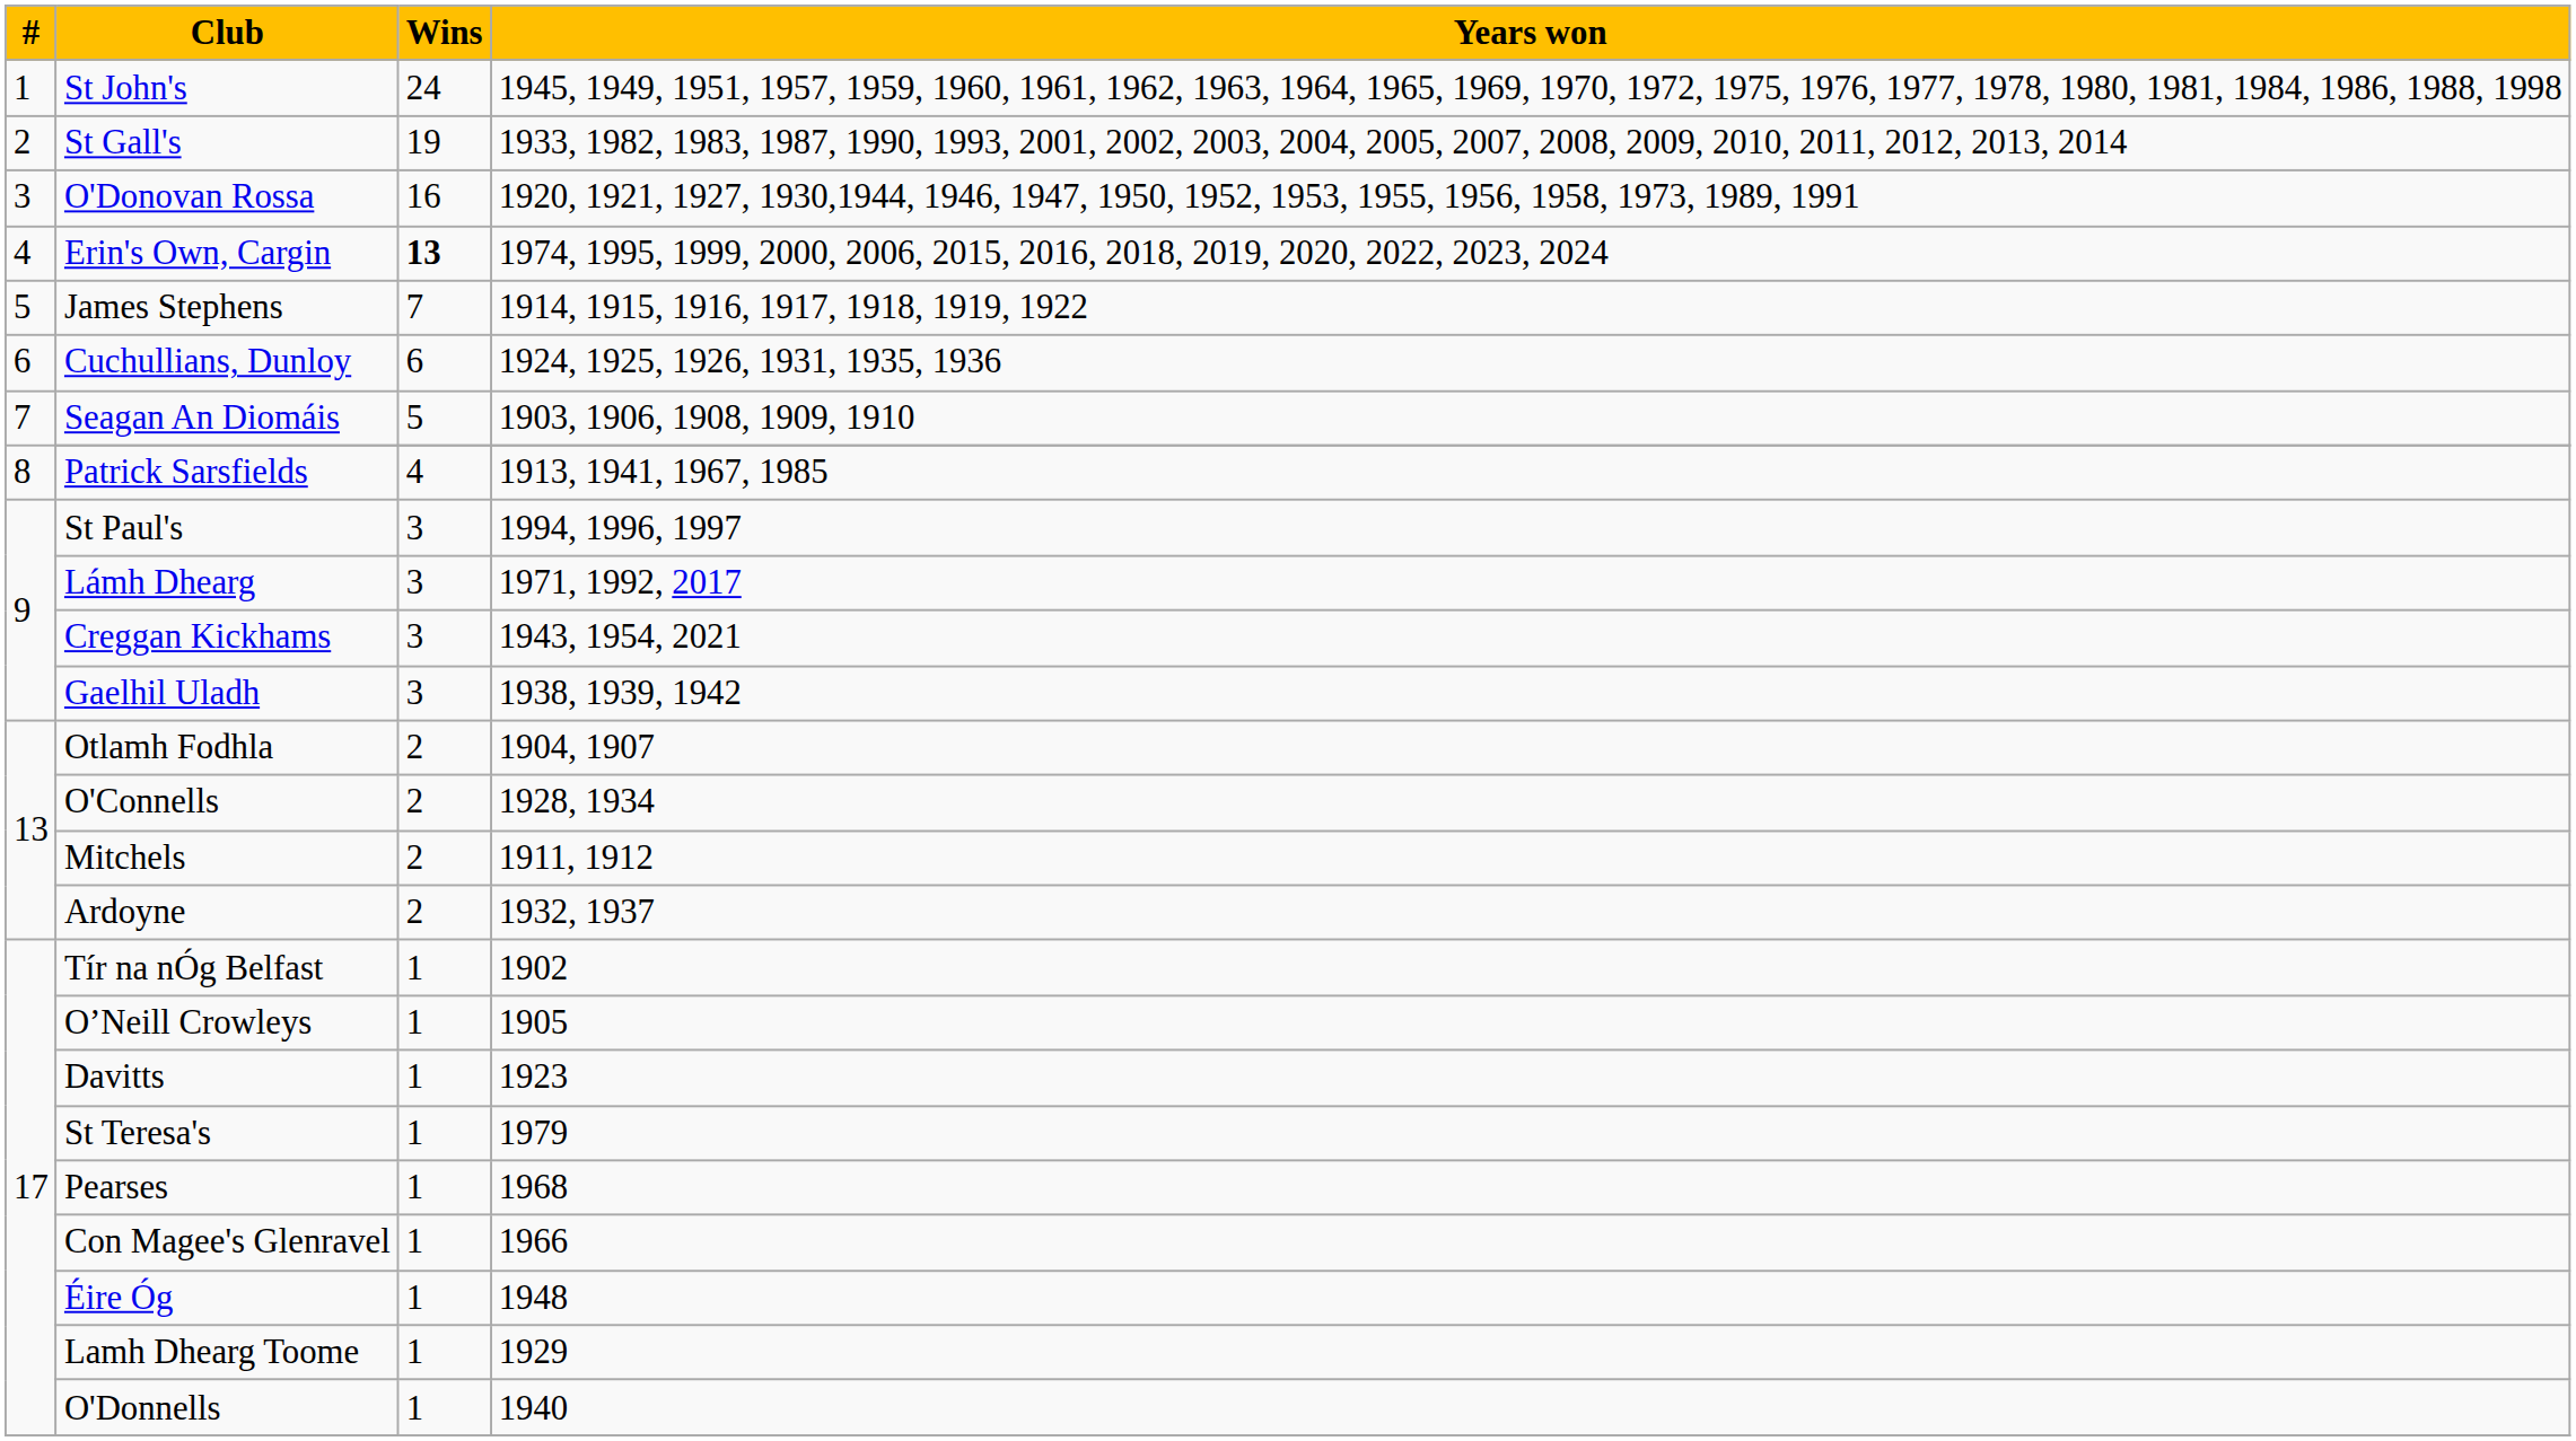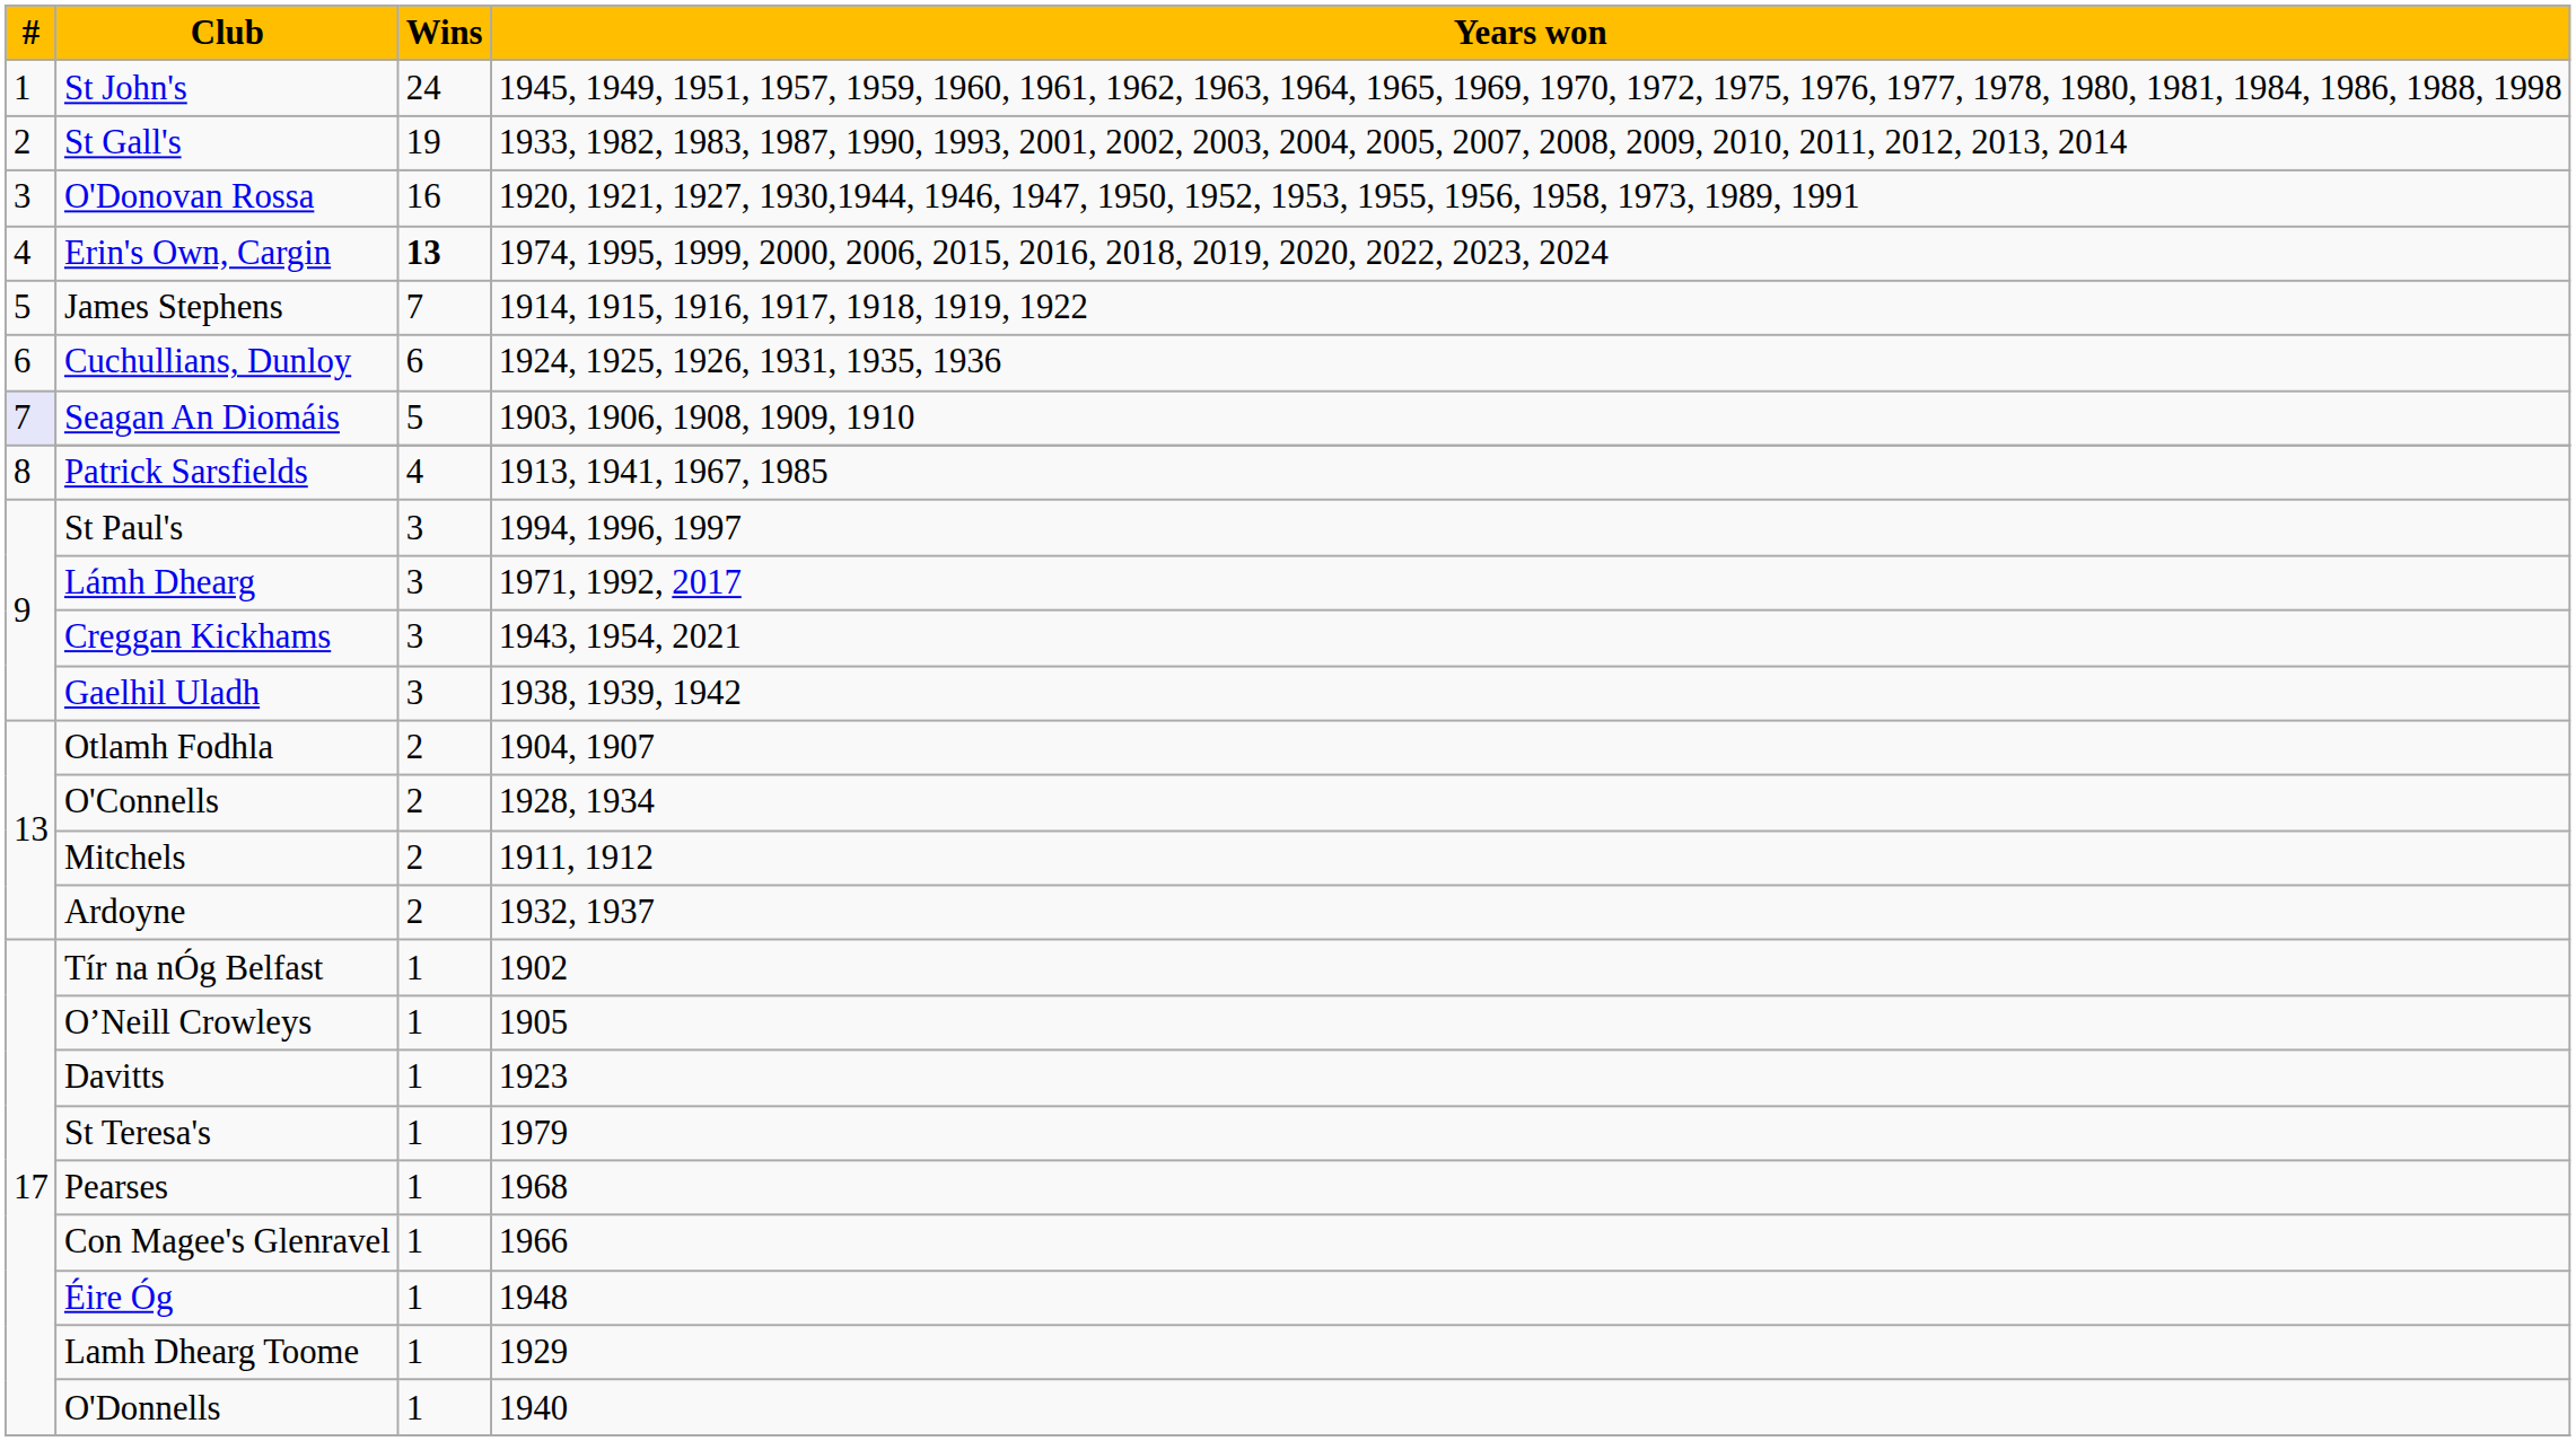 <table class="wikitable">
 <tr>
 <th style="background:#FFBF00;color:black;">#</th>
 <th style="background:#FFBF00;color:black;">Club</th>
 <th style="background:#FFBF00;color:black;">Wins</th>
 <th style="background:#FFBF00;color:black;">Years won</th>
 </tr>
 <tr>
 <td>1</td>
 <td> <a href='#'>St John's</a></td>
 <td>24</td>
 <td>1945, 1949, 1951, 1957, 1959,  1960, 1961, 1962, 1963, 1964, 1965, 1969, 1970, 1972, 1975, 1976, 1977, 1978, 1980, 1981, 1984, 1986, 1988, 1998</td>
 </tr>
 <tr>
 <td>2</td>
 <td> <a href='#'>St Gall's</a></td>
 <td>19</td>
 <td>1933, 1982, 1983, 1987, 1990, 1993, 2001, 2002, 2003, 2004, 2005, 2007, 2008, 2009, 2010, 2011, 2012, 2013, 2014</td>
 </tr>
 <tr>
 <td>3</td>
 <td> <a href='#'>O'Donovan Rossa</a></td>
 <td>16</td>
 <td>1920, 1921, 1927, 1930,1944, 1946, 1947, 1950, 1952, 1953, 1955, 1956, 1958, 1973, 1989, 1991</td>
 </tr>
 <tr>
 <td>4</td>
 <td> <a href='#'>Erin's Own, Cargin</a></td>
 <td><strong>13</strong></td>
 <td>1974, 1995, 1999, 2000, 2006, 2015, 2016, 2018, 2019, 2020, 2022, 2023, 2024</td>
 </tr>
 <tr>
 <td>5</td>
 <td>James Stephens</td>
 <td>7</td>
 <td>1914, 1915, 1916, 1917, 1918, 1919, 1922</td>
 </tr>
 <tr>
 <td>6</td>
 <td> <a href='#'>Cuchullians, Dunloy</a></td>
 <td>6</td>
 <td>1924, 1925, 1926, 1931, 1935, 1936</td>
 </tr>
 <tr>
-<td>7</td>
+<td style="background: lavender;">7</td>
 <td><a href='#'>Seagan An Diomáis</a></td>
 <td>5</td>
 <td>1903, 1906, 1908, 1909, 1910</td>
 </tr>
 <tr>
 <td rowspan=2>8</td>
 </tr>
 <tr>
 <td> <a href='#'>Patrick Sarsfields</a></td>
 <td>4</td>
 <td>1913, 1941, 1967, 1985</td>
 </tr>
 <tr>
 <td rowspan=4>9</td>
 <td> St Paul's</td>
 <td>3</td>
 <td>1994, 1996, 1997</td>
 </tr>
 <tr>
 <td> <a href='#'>Lámh Dhearg</a></td>
 <td>3</td>
 <td>1971, 1992, <a href='#'>2017</a></td>
 </tr>
 <tr>
 <td> <a href='#'>Creggan Kickhams</a></td>
 <td>3</td>
 <td>1943, 1954, 2021</td>
 </tr>
 <tr>
 <td><a href='#'>Gaelhil Uladh</a></td>
 <td>3</td>
 <td>1938, 1939, 1942</td>
 </tr>
 <tr>
 <td rowspan=4>13</td>
 <td>Otlamh Fodhla</td>
 <td>2</td>
 <td>1904, 1907</td>
 </tr>
 <tr>
 <td>O'Connells</td>
 <td>2</td>
 <td>1928, 1934</td>
 </tr>
 <tr>
 <td> Mitchels</td>
 <td>2</td>
 <td>1911, 1912</td>
 </tr>
 <tr>
 <td> Ardoyne</td>
 <td>2</td>
 <td>1932, 1937</td>
 </tr>
 <tr>
 <td rowspan=9>17</td>
 <td> Tír na nÓg Belfast</td>
 <td>1</td>
 <td>1902</td>
 </tr>
 <tr>
 <td>O’Neill Crowleys</td>
 <td>1</td>
 <td>1905</td>
 </tr>
 <tr>
 <td> Davitts</td>
 <td>1</td>
 <td>1923</td>
 </tr>
 <tr>
 <td> St Teresa's</td>
 <td>1</td>
 <td>1979</td>
 </tr>
 <tr>
 <td> Pearses</td>
 <td>1</td>
 <td>1968</td>
 </tr>
 <tr>
 <td> Con Magee's Glenravel</td>
 <td>1</td>
 <td>1966</td>
 </tr>
 <tr>
 <td> <a href='#'>Éire Óg</a></td>
 <td>1</td>
 <td>1948</td>
 </tr>
 <tr>
 <td> Lamh Dhearg Toome</td>
 <td>1</td>
 <td>1929</td>
 </tr>
 <tr>
 <td> O'Donnells</td>
 <td>1</td>
 <td>1940</td>
 </tr>
 <tr>
 </tr>
 </table>
